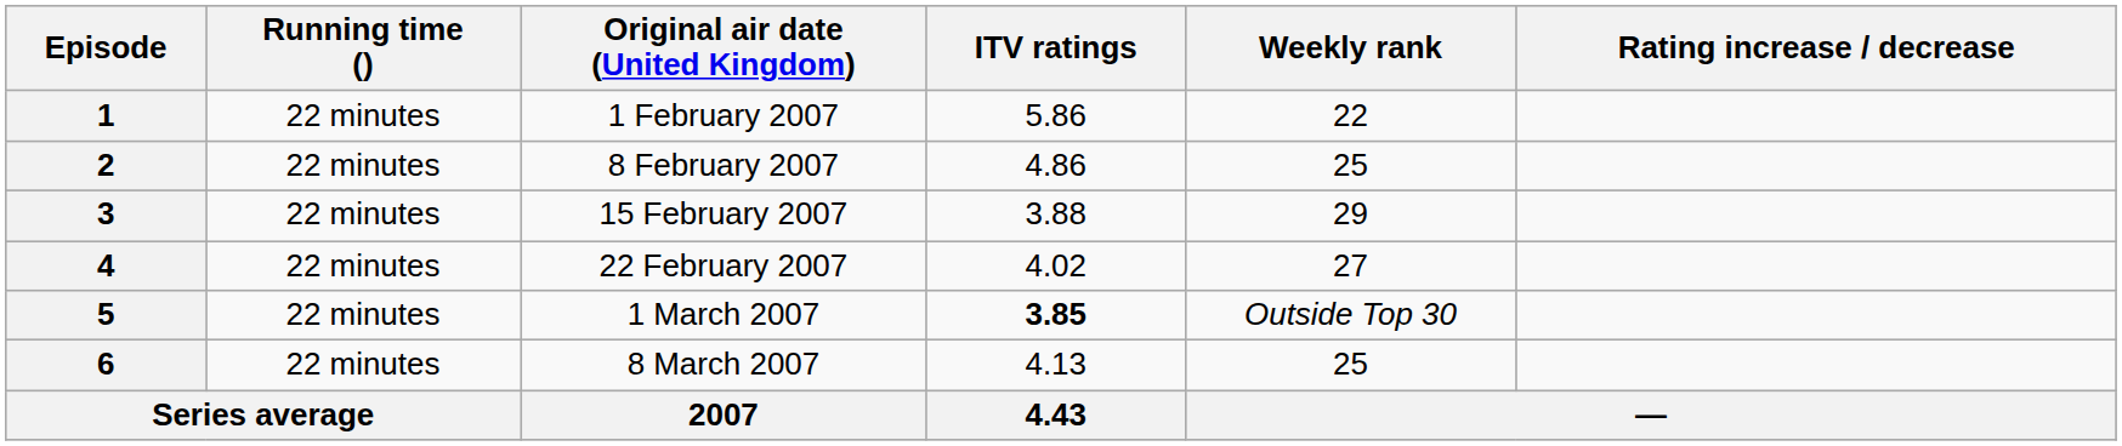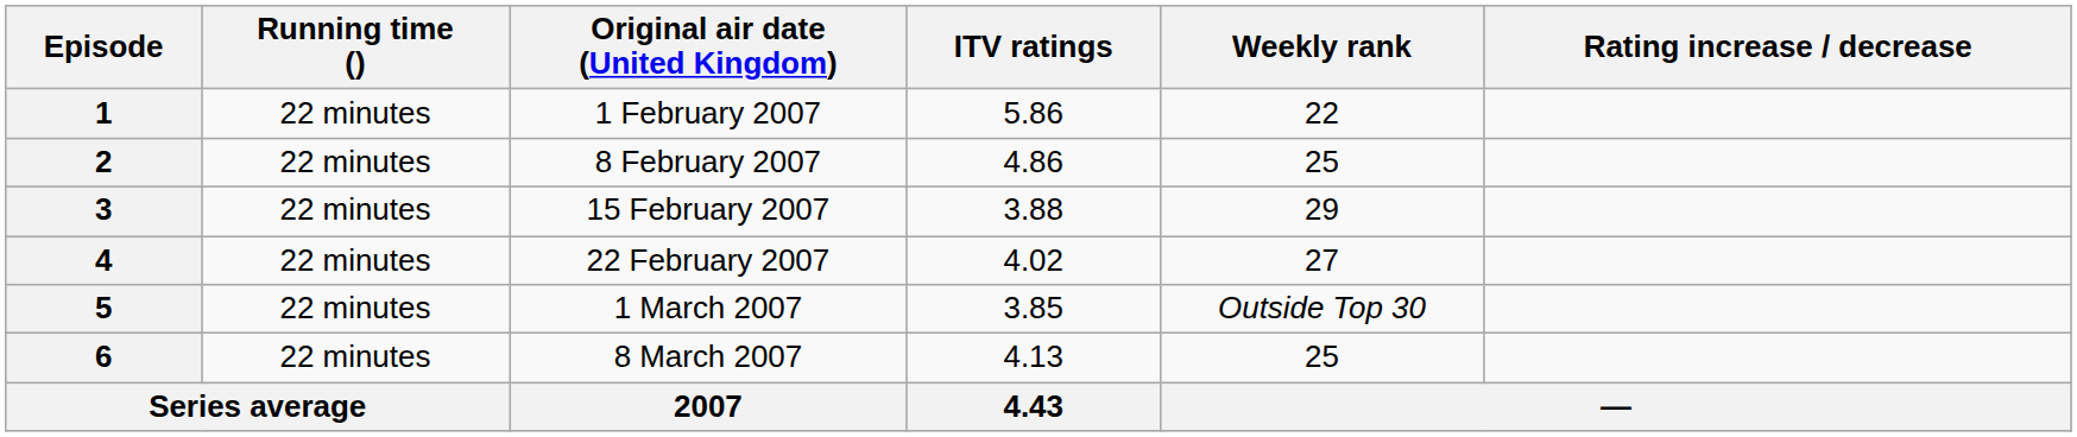 <table class=wikitable style="text-align:center; width:85%">
 <tr>
 <th>Episode</th>
 <th>Running time<br>()</th>
 <th>Original air date<br>(<a href='#'>United Kingdom</a>)</th>
 <th>ITV ratings<br></th>
 <th>Weekly rank</th>
 <th>Rating increase / decrease</th>
 </tr>
 <tr>
 <th scope="col">1</th>
 <td>22 minutes</td>
 <td>1 February 2007</td>
 <td>5.86</td>
 <td>22</td>
 <td></td>
 </tr>
 <tr>
 <th scope="col">2</th>
 <td>22 minutes</td>
 <td>8 February 2007</td>
 <td>4.86</td>
 <td>25</td>
 <td></td>
 </tr>
 <tr>
 <th scope="col">3</th>
 <td>22 minutes</td>
 <td>15 February 2007</td>
 <td>3.88</td>
 <td>29</td>
 <td></td>
 </tr>
 <tr>
 <th scope="col">4</th>
 <td>22 minutes</td>
 <td>22 February 2007</td>
 <td>4.02</td>
 <td>27</td>
 <td></td>
 </tr>
 <tr>
 <th scope="col">5</th>
 <td>22 minutes</td>
 <td>1 March 2007</td>
-<td><strong>3.85</strong></td>
+<td>3.85</td>
 <td><em>Outside Top 30</em></td>
 <td></td>
 </tr>
 <tr>
 <th scope="col">6</th>
 <td>22 minutes</td>
 <td>8 March 2007</td>
 <td>4.13</td>
 <td>25</td>
 <td></td>
 </tr>
 <tr>
 <th scope="col" colspan="2">Series average</th>
 <th>2007</th>
 <th>4.43</th>
 <th colspan=2>—</th>
 </tr>
 </table>
